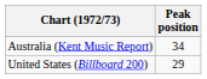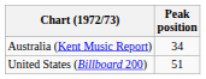 <table class="wikitable">
 <tr>
 <th scope="col">Chart (1972/73)</th>
 <th>Peak<br>position</th>
 </tr>
 <tr>
 <td>Australia (<a href='#'>Kent Music Report</a>)</td>
 <td style="text-align:center;">34</td>
 </tr>
 <tr>
 <td>United States (<a href='#'><em>Billboard</em> 200</a>)</td>
-<td style="text-align:center;">29</td>
+<td style="text-align:center;">51</td>
 </tr>
 </table>
